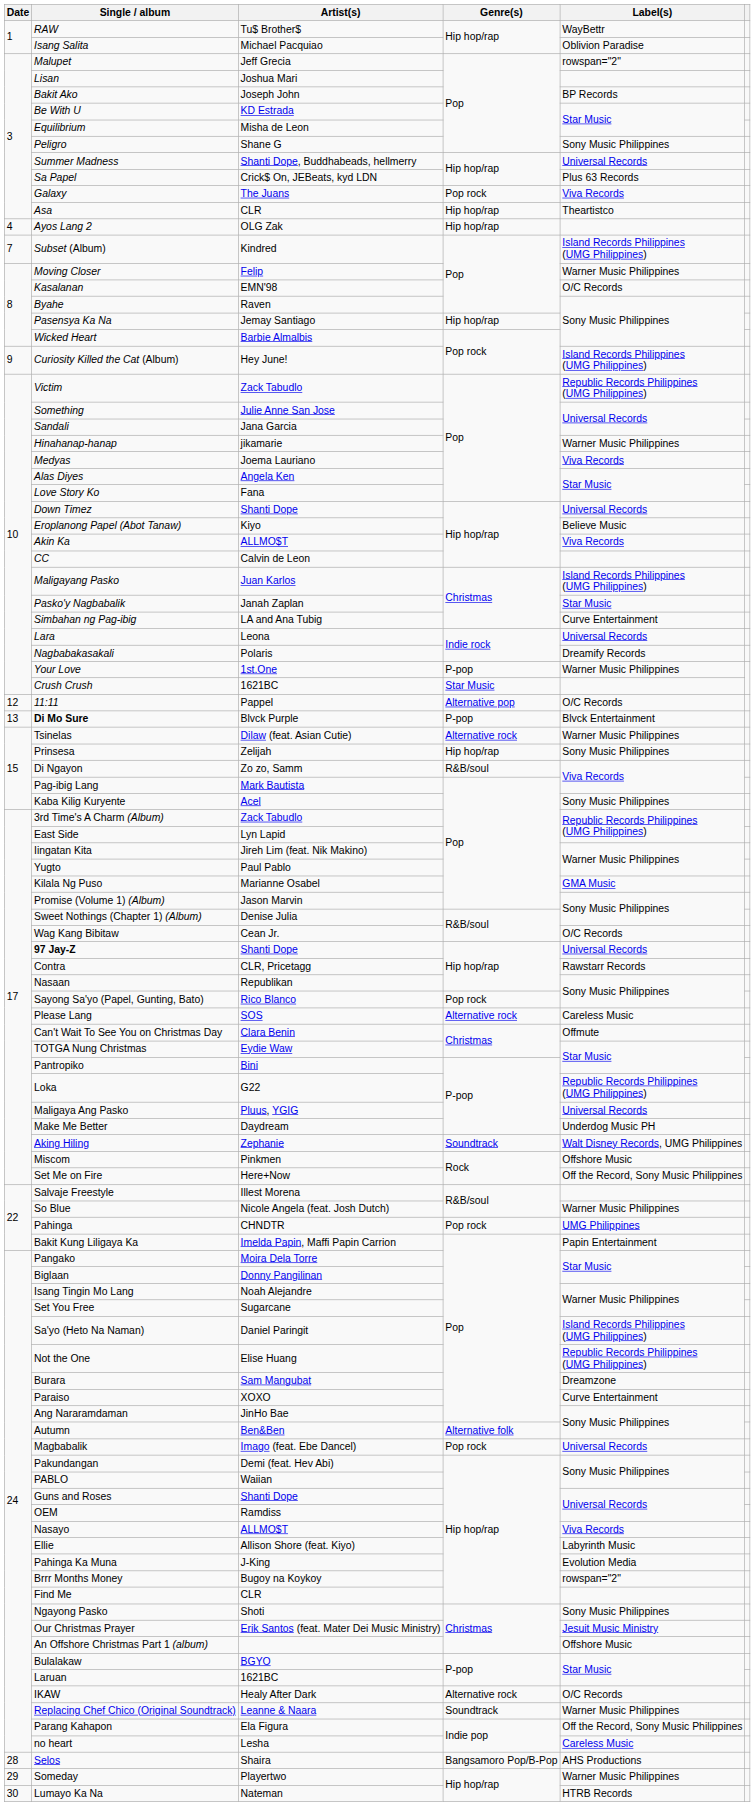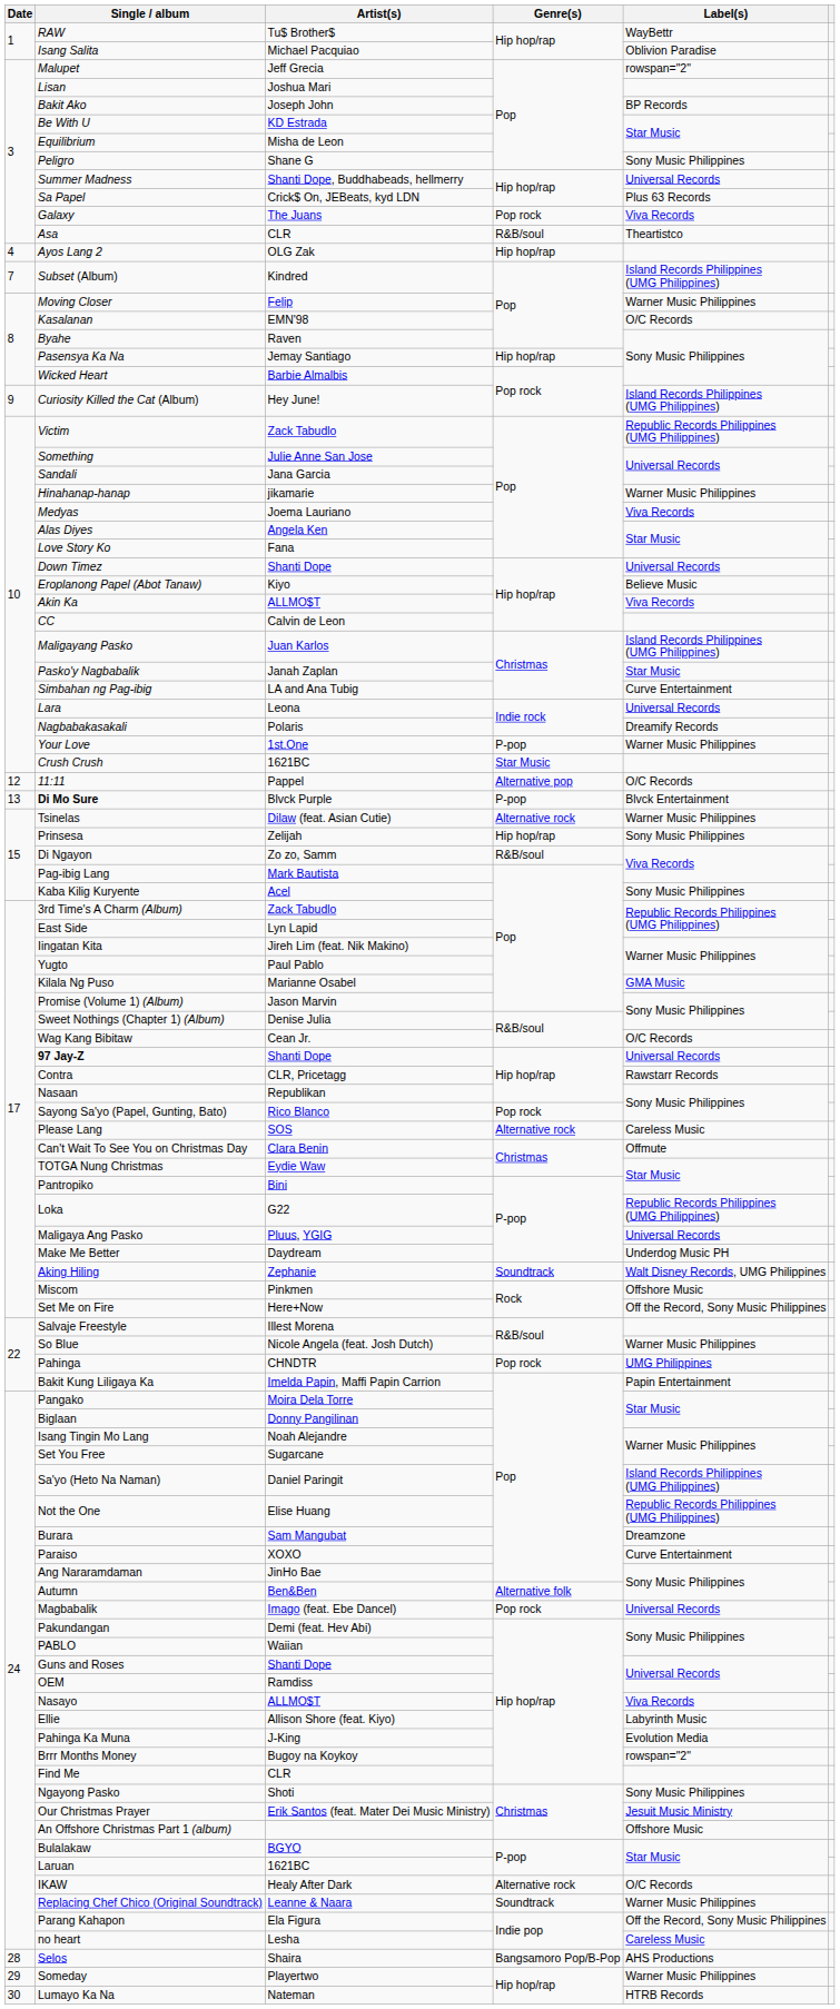 <table class="wikitable">
 <tr>
 <th>Date</th>
 <th>Single / album</th>
 <th>Artist(s)</th>
 <th>Genre(s)</th>
 <th>Label(s)</th>
 <th></th>
 </tr>
 <tr>
 <td rowspan="2">1</td>
 <td><em>RAW</em></td>
 <td>Tu$ Brother$</td>
 <td rowspan="2">Hip hop/rap</td>
 <td>WayBettr</td>
 <td></td>
 </tr>
 <tr>
 <td><em>Isang Salita</em></td>
 <td>Michael Pacquiao</td>
 <td>Oblivion Paradise</td>
 <td></td>
 </tr>
 <tr>
 <td rowspan="10">3</td>
 <td><em>Malupet</em></td>
 <td>Jeff Grecia</td>
 <td rowspan="6">Pop</td>
 <td>rowspan="2" </td>
 <td></td>
 </tr>
 <tr>
 <td><em>Lisan</em></td>
 <td>Joshua Mari</td>
 <td></td>
 </tr>
 <tr>
 <td><em>Bakit Ako</em></td>
 <td>Joseph John</td>
 <td>BP Records</td>
 <td></td>
 </tr>
 <tr>
 <td><em>Be With U</em></td>
 <td><a href='#'>KD Estrada</a></td>
 <td rowspan="2"><a href='#'>Star Music</a></td>
 <td></td>
 </tr>
 <tr>
 <td><em>Equilibrium</em></td>
 <td>Misha de Leon</td>
 <td></td>
 </tr>
 <tr>
 <td><em>Peligro</em></td>
 <td>Shane G</td>
 <td>Sony Music Philippines</td>
 <td></td>
 </tr>
 <tr>
 <td><em>Summer Madness</em></td>
 <td><a href='#'>Shanti Dope</a>, Buddhabeads, hellmerry</td>
 <td rowspan="2">Hip hop/rap</td>
 <td><a href='#'>Universal Records</a></td>
 <td></td>
 </tr>
 <tr>
 <td><em>Sa Papel</em></td>
 <td>Crick$ On, JEBeats, kyd LDN</td>
 <td>Plus 63 Records</td>
 <td></td>
 </tr>
 <tr>
 <td><em>Galaxy</em></td>
 <td><a href='#'>The Juans</a></td>
 <td>Pop rock</td>
 <td><a href='#'>Viva Records</a></td>
 </tr>
 <tr>
 <td><em>Asa</em></td>
 <td>CLR</td>
-<td>Hip hop/rap</td>
+<td>R&B/soul</td>
 <td>Theartistco</td>
 <td></td>
 </tr>
 <tr>
 <td>4</td>
 <td><em>Ayos Lang 2</em></td>
 <td>OLG Zak</td>
 <td>Hip hop/rap</td>
 <td></td>
 <td></td>
 </tr>
 <tr>
 <td>7</td>
 <td><em>Subset</em> (Album)</td>
 <td>Kindred</td>
 <td rowspan="4">Pop</td>
 <td><a href='#'>Island Records Philippines</a><br>(<a href='#'>UMG Philippines</a>)</td>
 <td></td>
 </tr>
 <tr>
 <td rowspan="5">8</td>
 <td><em>Moving Closer</em></td>
 <td><a href='#'>Felip</a></td>
 <td>Warner Music Philippines</td>
 <td></td>
 </tr>
 <tr>
 <td><em>Kasalanan</em></td>
 <td>EMN'98</td>
 <td>O/C Records</td>
 <td></td>
 </tr>
 <tr>
 <td><em>Byahe</em></td>
 <td>Raven</td>
 <td rowspan="3">Sony Music Philippines</td>
 <td></td>
 </tr>
 <tr>
 <td><em>Pasensya Ka Na</em></td>
 <td>Jemay Santiago</td>
 <td>Hip hop/rap</td>
 <td></td>
 </tr>
 <tr>
 <td><em>Wicked Heart</em></td>
 <td><a href='#'>Barbie Almalbis</a></td>
 <td rowspan="2">Pop rock</td>
 <td></td>
 </tr>
 <tr>
 <td>9</td>
 <td><em>Curiosity Killed the Cat</em> (Album)</td>
 <td>Hey June!</td>
 <td><a href='#'>Island Records Philippines</a><br>(<a href='#'>UMG Philippines</a>)</td>
 <td></td>
 </tr>
 <tr>
 <td rowspan="18">10</td>
 <td><em>Victim</em></td>
 <td><a href='#'>Zack Tabudlo</a></td>
 <td rowspan="7">Pop</td>
 <td><a href='#'>Republic Records Philippines</a><br>(<a href='#'>UMG Philippines</a>)</td>
 <td></td>
 </tr>
 <tr>
 <td><em>Something</em></td>
 <td><a href='#'>Julie Anne San Jose</a></td>
 <td rowspan="2"><a href='#'>Universal Records</a></td>
 <td></td>
 </tr>
 <tr>
 <td><em>Sandali</em></td>
 <td>Jana Garcia</td>
 <td></td>
 </tr>
 <tr>
 <td><em>Hinahanap-hanap</em></td>
 <td>jikamarie</td>
 <td>Warner Music Philippines</td>
 <td></td>
 </tr>
 <tr>
 <td><em>Medyas</em></td>
 <td>Joema Lauriano</td>
 <td><a href='#'>Viva Records</a></td>
 <td></td>
 </tr>
 <tr>
 <td><em>Alas Diyes</em></td>
 <td><a href='#'>Angela Ken</a></td>
 <td rowspan="2"><a href='#'>Star Music</a></td>
 <td></td>
 </tr>
 <tr>
 <td><em>Love Story Ko</em></td>
 <td>Fana</td>
 <td></td>
 </tr>
 <tr>
 <td><em>Down Timez</em></td>
 <td><a href='#'>Shanti Dope</a></td>
 <td rowspan="4">Hip hop/rap</td>
 <td><a href='#'>Universal Records</a></td>
 <td></td>
 </tr>
 <tr>
 <td><em>Eroplanong Papel (Abot Tanaw)</em></td>
 <td>Kiyo</td>
 <td>Believe Music</td>
 <td></td>
 </tr>
 <tr>
 <td><em>Akin Ka</em></td>
 <td><a href='#'>ALLMO$T</a></td>
 <td><a href='#'>Viva Records</a></td>
 <td></td>
 </tr>
 <tr>
 <td><em>CC</em></td>
 <td>Calvin de Leon</td>
 <td></td>
 <td></td>
 </tr>
 <tr>
 <td><em>Maligayang Pasko</em></td>
 <td><a href='#'>Juan Karlos</a></td>
 <td rowspan="3"><a href='#'>Christmas</a></td>
 <td><a href='#'>Island Records Philippines</a><br>(<a href='#'>UMG Philippines</a>)</td>
 <td></td>
 </tr>
 <tr>
 <td><em>Pasko'y Nagbabalik</em></td>
 <td>Janah Zaplan</td>
 <td><a href='#'>Star Music</a></td>
 <td></td>
 </tr>
 <tr>
 <td><em>Simbahan ng Pag-ibig</em></td>
 <td>LA and Ana Tubig</td>
 <td>Curve Entertainment</td>
 <td></td>
 </tr>
 <tr>
 <td><em>Lara</em></td>
 <td>Leona</td>
 <td rowspan="2"><a href='#'>Indie rock</a></td>
 <td><a href='#'>Universal Records</a></td>
 <td></td>
 </tr>
 <tr>
 <td><em>Nagbabakasakali</em></td>
 <td>Polaris</td>
 <td>Dreamify Records</td>
 <td></td>
 </tr>
 <tr>
 <td><em>Your Love</em></td>
 <td><a href='#'>1st.One</a></td>
 <td>P-pop</td>
 <td>Warner Music Philippines</td>
 </tr>
 <tr>
 <td><em>Crush Crush</em></td>
 <td>1621BC</td>
 <td><a href='#'>Star Music</a></td>
 <td></td>
 </tr>
 <tr>
 <td>12</td>
 <td><em>11:11</em></td>
 <td>Pappel</td>
 <td><a href='#'>Alternative pop</a></td>
 <td>O/C Records</td>
 <td></td>
 </tr>
 <tr>
 <td>13</td>
 <td><strong>Di Mo Sure<em></td>
 <td>Blvck Purple</td>
 <td>P-pop</td>
 <td>Blvck Entertainment</td>
 <td></td>
 </tr>
 <tr>
 <td rowspan="5">15</td>
 <td></em>Tsinelas<em></td>
 <td><a href='#'>Dilaw</a> (feat. Asian Cutie)</td>
 <td><a href='#'>Alternative rock</a></td>
 <td>Warner Music Philippines</td>
 <td></td>
 </tr>
 <tr>
 <td></em>Prinsesa<em></td>
 <td>Zelijah</td>
 <td>Hip hop/rap</td>
 <td>Sony Music Philippines</td>
 <td></td>
 </tr>
 <tr>
 <td></em>Di Ngayon<em></td>
 <td>Zo zo, Samm</td>
 <td>R&B/soul</td>
 <td rowspan="2"><a href='#'>Viva Records</a></td>
 <td></td>
 </tr>
 <tr>
 <td></em>Pag-ibig Lang<em></td>
 <td><a href='#'>Mark Bautista</a></td>
 <td rowspan="8">Pop</td>
 <td></td>
 </tr>
 <tr>
 <td></em>Kaba Kilig Kuryente<em></td>
 <td><a href='#'>Acel</a></td>
 <td>Sony Music Philippines</td>
 <td></td>
 </tr>
 <tr>
 <td rowspan="22">17</td>
 <td></em>3rd Time's A Charm<em> (Album)</td>
 <td><a href='#'>Zack Tabudlo</a></td>
 <td rowspan="2"><a href='#'>Republic Records Philippines</a><br>(<a href='#'>UMG Philippines</a>)</td>
 <td></td>
 </tr>
 <tr>
 <td></em>East Side<em></td>
 <td>Lyn Lapid</td>
 <td></td>
 </tr>
 <tr>
 <td></em>Iingatan Kita<em></td>
 <td>Jireh Lim (feat. Nik Makino)</td>
 <td rowspan="2">Warner Music Philippines</td>
 <td></td>
 </tr>
 <tr>
 <td></em>Yugto<em></td>
 <td>Paul Pablo</td>
 <td></td>
 </tr>
 <tr>
 <td></em>Kilala Ng Puso<em></td>
 <td>Marianne Osabel</td>
 <td><a href='#'>GMA Music</a></td>
 <td></td>
 </tr>
 <tr>
 <td></em>Promise (Volume 1)<em> (Album)</td>
 <td>Jason Marvin</td>
 <td rowspan="2">Sony Music Philippines</td>
 <td></td>
 </tr>
 <tr>
 <td></em>Sweet Nothings (Chapter 1)<em> (Album)</td>
 <td>Denise Julia</td>
 <td rowspan="2">R&B/soul</td>
 <td></td>
 </tr>
 <tr>
 <td></strong>Wag Kang Bibitaw</em></td>
 <td>Cean Jr.</td>
 <td>O/C Records</td>
 <td></td>
 </tr>
 <tr>
 <td><strong>97 Jay-Z<em></td>
 <td><a href='#'>Shanti Dope</a></td>
 <td rowspan="3">Hip hop/rap</td>
 <td><a href='#'>Universal Records</a></td>
 <td></td>
 </tr>
 <tr>
 <td></em>Contra<em></td>
 <td>CLR, Pricetagg</td>
 <td>Rawstarr Records</td>
 <td></td>
 </tr>
 <tr>
 <td></em>Nasaan<em></td>
 <td>Republikan</td>
 <td rowspan="2">Sony Music Philippines</td>
 <td></td>
 </tr>
 <tr>
 <td></em>Sayong Sa'yo (Papel, Gunting, Bato)<em></td>
 <td><a href='#'>Rico Blanco</a></td>
 <td>Pop rock</td>
 <td></td>
 </tr>
 <tr>
 <td></em>Please Lang<em></td>
 <td><a href='#'>SOS</a></td>
 <td><a href='#'>Alternative rock</a></td>
 <td>Careless Music</td>
 <td></td>
 </tr>
 <tr>
 <td></em>Can't Wait To See You on Christmas Day<em></td>
 <td><a href='#'>Clara Benin</a></td>
 <td rowspan="2"><a href='#'>Christmas</a></td>
 <td>Offmute</td>
 <td></td>
 </tr>
 <tr>
 <td></em>TOTGA Nung Christmas<em></td>
 <td><a href='#'>Eydie Waw</a></td>
 <td rowspan="2"><a href='#'>Star Music</a></td>
 <td></td>
 </tr>
 <tr>
 <td></em>Pantropiko<em></td>
 <td><a href='#'>Bini</a></td>
 <td rowspan="4">P-pop</td>
 <td></td>
 </tr>
 <tr>
 <td></em>Loka<em></td>
 <td>G22</td>
 <td><a href='#'>Republic Records Philippines</a><br>(<a href='#'>UMG Philippines</a>)</td>
 <td></td>
 </tr>
 <tr>
 <td></em>Maligaya Ang Pasko<em></td>
 <td><a href='#'>Pluus</a>, <a href='#'>YGIG</a></td>
 <td><a href='#'>Universal Records</a></td>
 <td></td>
 </tr>
 <tr>
 <td></em>Make Me Better<em></td>
 <td>Daydream</td>
 <td>Underdog Music PH</td>
 <td></td>
 </tr>
 <tr>
 <td></em><a href='#'>Aking Hiling</a><em></td>
 <td><a href='#'>Zephanie</a></td>
 <td><a href='#'>Soundtrack</a></td>
 <td><a href='#'>Walt Disney Records</a>, UMG Philippines</td>
 <td></td>
 </tr>
 <tr>
 <td></em>Miscom<em></td>
 <td>Pinkmen</td>
 <td rowspan="2">Rock</td>
 <td>Offshore Music</td>
 <td></td>
 </tr>
 <tr>
 <td></em>Set Me on Fire<em></td>
 <td>Here+Now</td>
 <td>Off the Record, Sony Music Philippines</td>
 <td></td>
 </tr>
 <tr>
 <td rowspan="4">22</td>
 <td></em>Salvaje Freestyle<em></td>
 <td>Illest Morena</td>
 <td rowspan="2">R&B/soul</td>
 <td></td>
 <td></td>
 </tr>
 <tr>
 <td></em>So Blue<em></td>
 <td>Nicole Angela (feat.  Josh Dutch)</td>
 <td>Warner Music Philippines</td>
 <td></td>
 </tr>
 <tr>
 <td></em>Pahinga<em></td>
 <td>CHNDTR</td>
 <td>Pop rock</td>
 <td><a href='#'>UMG Philippines</a></td>
 <td></td>
 </tr>
 <tr>
 <td></em>Bakit Kung Liligaya Ka<em></td>
 <td><a href='#'>Imelda Papin</a>, Maffi Papin Carrion</td>
 <td rowspan="10">Pop</td>
 <td>Papin Entertainment</td>
 <td></td>
 </tr>
 <tr>
 <td rowspan="29">24</td>
 <td></em>Pangako<em></td>
 <td><a href='#'>Moira Dela Torre</a></td>
 <td rowspan="2"><a href='#'>Star Music</a></td>
 <td></td>
 </tr>
 <tr>
 <td></em>Biglaan<em></td>
 <td><a href='#'>Donny Pangilinan</a></td>
 <td></td>
 </tr>
 <tr>
 <td></em>Isang Tingin Mo Lang<em></td>
 <td>Noah Alejandre</td>
 <td rowspan="2">Warner Music Philippines</td>
 <td></td>
 </tr>
 <tr>
 <td></em>Set You Free<em></td>
 <td>Sugarcane</td>
 <td></td>
 </tr>
 <tr>
 <td></em>Sa'yo (Heto Na Naman)<em></td>
 <td>Daniel Paringit</td>
 <td><a href='#'>Island Records Philippines</a><br>(<a href='#'>UMG Philippines</a>)</td>
 <td></td>
 </tr>
 <tr>
 <td></em>Not the One<em></td>
 <td>Elise Huang</td>
 <td><a href='#'>Republic Records Philippines</a><br>(<a href='#'>UMG Philippines</a>)</td>
 <td></td>
 </tr>
 <tr>
 <td></em>Burara<em></td>
 <td><a href='#'>Sam Mangubat</a></td>
 <td>Dreamzone</td>
 <td></td>
 </tr>
 <tr>
 <td></em>Paraiso<em></td>
 <td>XOXO</td>
 <td>Curve Entertainment</td>
 <td></td>
 </tr>
 <tr>
 <td></em>Ang Nararamdaman<em></td>
 <td>JinHo Bae</td>
 <td rowspan="2">Sony Music Philippines</td>
 <td></td>
 </tr>
 <tr>
 <td></em>Autumn<em></td>
 <td><a href='#'>Ben&Ben</a></td>
 <td><a href='#'>Alternative folk</a></td>
 <td></td>
 </tr>
 <tr>
 <td></em>Magbabalik<em></td>
 <td><a href='#'>Imago</a> (feat. Ebe Dancel)</td>
 <td>Pop rock</td>
 <td><a href='#'>Universal Records</a></td>
 <td></td>
 </tr>
 <tr>
 <td></em>Pakundangan<em></td>
 <td>Demi (feat. Hev Abi)</td>
 <td rowspan="9">Hip hop/rap</td>
 <td rowspan="2">Sony Music Philippines</td>
 <td></td>
 </tr>
 <tr>
 <td></em>PABLO<em></td>
 <td>Waiian</td>
 <td></td>
 </tr>
 <tr>
 <td></em>Guns and Roses<em></td>
 <td><a href='#'>Shanti Dope</a></td>
 <td rowspan="2"><a href='#'>Universal Records</a></td>
 <td></td>
 </tr>
 <tr>
 <td></em>OEM<em></td>
 <td>Ramdiss</td>
 <td></td>
 </tr>
 <tr>
 <td></em>Nasayo<em></td>
 <td><a href='#'>ALLMO$T</a></td>
 <td><a href='#'>Viva Records</a></td>
 <td></td>
 </tr>
 <tr>
 <td></em>Ellie<em></td>
 <td>Allison Shore (feat. Kiyo)</td>
 <td>Labyrinth Music</td>
 <td></td>
 </tr>
 <tr>
 <td></em>Pahinga Ka Muna<em></td>
 <td>J-King</td>
 <td>Evolution Media</td>
 <td></td>
 </tr>
 <tr>
 <td></em>Brrr Months Money<em></td>
 <td>Bugoy na Koykoy</td>
 <td>rowspan="2" </td>
 <td></td>
 </tr>
 <tr>
 <td></em>Find Me<em></td>
 <td>CLR</td>
 <td></td>
 </tr>
 <tr>
 <td></em>Ngayong Pasko<em></td>
 <td>Shoti</td>
 <td rowspan="3"><a href='#'>Christmas</a></td>
 <td>Sony Music Philippines</td>
 <td></td>
 </tr>
 <tr>
 <td></em>Our Christmas Prayer<em></td>
 <td><a href='#'>Erik Santos</a> (feat. Mater Dei Music Ministry)</td>
 <td><a href='#'>Jesuit Music Ministry</a></td>
 <td></td>
 </tr>
 <tr>
 <td></em>An Offshore Christmas Part 1<em> (album)</td>
 <td></td>
 <td>Offshore Music</td>
 <td></td>
 </tr>
 <tr>
 <td></em>Bulalakaw<em></td>
 <td><a href='#'>BGYO</a></td>
 <td rowspan="2">P-pop</td>
 <td rowspan="2"><a href='#'>Star Music</a></td>
 <td></td>
 </tr>
 <tr>
 <td></em>Laruan<em></td>
 <td>1621BC</td>
 <td></td>
 </tr>
 <tr>
 <td></em>IKAW<em> </td>
 <td>Healy After Dark</td>
 <td>Alternative rock</td>
 <td>O/C Records</td>
 <td></td>
 </tr>
 <tr>
 <td></em><a href='#'>Replacing Chef Chico (Original Soundtrack)</a><em></td>
 <td><a href='#'>Leanne & Naara</a></td>
 <td>Soundtrack</td>
 <td>Warner Music Philippines</td>
 <td></td>
 </tr>
 <tr>
 <td></em>Parang Kahapon<em></td>
 <td>Ela Figura</td>
 <td rowspan="2">Indie pop</td>
 <td>Off the Record, Sony Music Philippines</td>
 <td></td>
 </tr>
 <tr>
 <td></em>no heart<em></td>
 <td>Lesha</td>
 <td><a href='#'>Careless Music</a></td>
 <td></td>
 </tr>
 <tr>
 <td>28</td>
 <td></em><a href='#'>Selos</a><em></td>
 <td>Shaira</td>
 <td>Bangsamoro Pop/B-Pop</td>
 <td>AHS Productions</td>
 <td></td>
 </tr>
 <tr>
 <td>29</td>
 <td></em>Someday<em></td>
 <td>Playertwo</td>
 <td rowspan="2">Hip hop/rap</td>
 <td>Warner Music Philippines</td>
 <td></td>
 </tr>
 <tr>
 <td>30</td>
 <td></em>Lumayo Ka Na<em></td>
 <td>Nateman</td>
 <td>HTRB Records</td>
 <td></td>
 </tr>
 </table>
